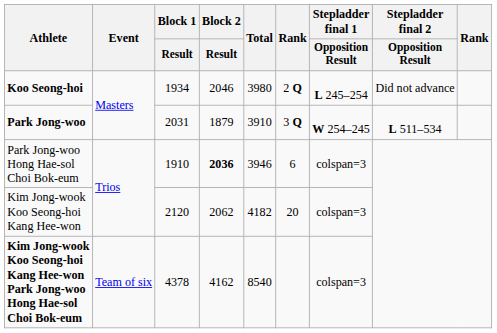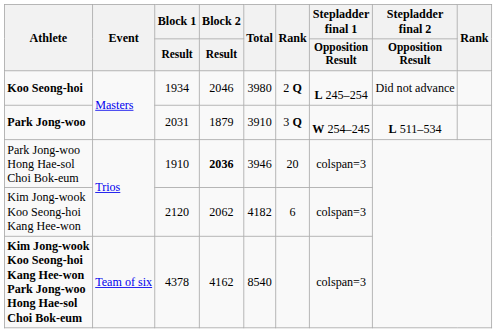 <table class=wikitable style=font-size:90%;text-align:center>
 <tr>
 <th rowspan="2">Athlete</th>
 <th rowspan="2">Event</th>
 <th>Block 1</th>
 <th>Block 2</th>
 <th rowspan="2">Total</th>
 <th rowspan="2">Rank</th>
 <th>Stepladder<br>final 1</th>
 <th>Stepladder<br>final 2</th>
 <th rowspan="2">Rank</th>
 </tr>
 <tr style="font-size:95%">
 <th>Result</th>
 <th>Result</th>
 <th>Opposition<br>Result</th>
 <th>Opposition<br>Result</th>
 </tr>
 <tr>
 <td align=left><strong>Koo Seong-hoi</strong></td>
 <td align=left rowspan=2><a href='#'>Masters</a></td>
 <td>1934</td>
 <td>2046</td>
 <td>3980</td>
 <td>2 <strong>Q</strong></td>
 <td><br><strong>L</strong> 245–254</td>
 <td>Did not advance</td>
 <td></td>
 </tr>
 <tr>
 <td align=left><strong>Park Jong-woo</strong></td>
 <td>2031</td>
 <td>1879</td>
 <td>3910</td>
 <td>3 <strong>Q</strong></td>
 <td><br><strong>W</strong> 254–245</td>
 <td><br><strong>L</strong> 511–534</td>
 <td></td>
 </tr>
 <tr>
 <td align=left>Park Jong-woo<br>Hong Hae-sol<br>Choi Bok-eum</td>
 <td align=left rowspan=2><a href='#'>Trios</a></td>
 <td>1910</td>
 <td><strong>2036</strong></td>
 <td>3946</td>
-<td>6</td>
+<td>20</td>
 <td>colspan=3 </td>
 </tr>
 <tr>
 <td align=left>Kim Jong-wook<br>Koo Seong-hoi<br>Kang Hee-won</td>
 <td>2120</td>
 <td>2062</td>
 <td>4182</td>
-<td>20</td>
+<td>6</td>
 <td>colspan=3 </td>
 </tr>
 <tr>
 <td align=left><strong>Kim Jong-wook<br>Koo Seong-hoi<br>Kang Hee-won<br>Park Jong-woo<br>Hong Hae-sol<br>Choi Bok-eum</strong></td>
 <td align=left><a href='#'>Team of six</a></td>
 <td>4378</td>
 <td>4162</td>
 <td>8540</td>
 <td></td>
 <td>colspan=3 </td>
 </tr>
 </table>
